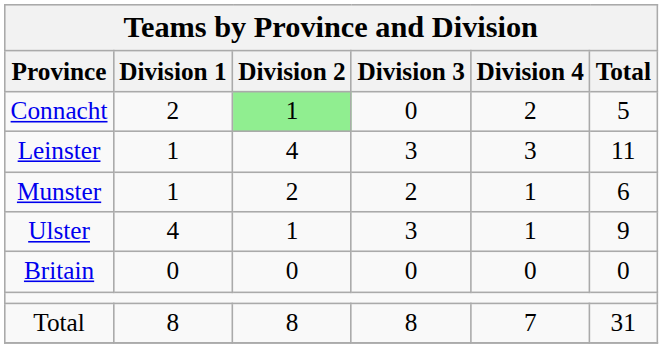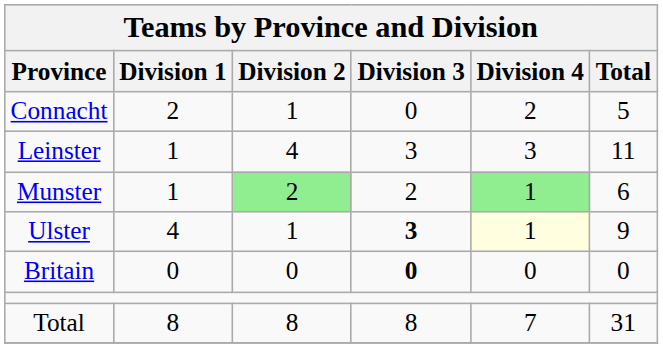 <table class="wikitable" style="text-align:center">
 <tr>
 <th colspan=6><big>Teams by Province and Division</big></th>
 </tr>
 <tr>
 <th>Province</th>
 <th>Division 1</th>
 <th>Division 2</th>
 <th>Division 3</th>
 <th>Division 4</th>
 <th>Total</th>
 </tr>
 <tr>
 <td><a href='#'>Connacht</a></td>
 <td>2</td>
-<td style="background: lightgreen;">1</td>
+<td>1</td>
 <td>0</td>
 <td>2</td>
 <td>5</td>
 </tr>
 <tr>
 <td><a href='#'>Leinster</a></td>
 <td>1</td>
 <td>4</td>
 <td>3</td>
 <td>3</td>
 <td>11</td>
 </tr>
 <tr>
 <td><a href='#'>Munster</a></td>
 <td>1</td>
+<td style="background: lightgreen;">2</td>
 <td>2</td>
-<td>2</td>
-<td>1</td>
+<td style="background: lightgreen;">1</td>
 <td>6</td>
 </tr>
 <tr>
 <td><a href='#'>Ulster</a></td>
 <td>4</td>
 <td>1</td>
-<td>3</td>
-<td>1</td>
+<td><strong>3</strong></td>
+<td style="background: lightyellow;">1</td>
 <td>9</td>
 </tr>
 <tr>
 <td><a href='#'>Britain</a></td>
 <td>0</td>
 <td>0</td>
-<td>0</td>
+<td><strong>0</strong></td>
 <td>0</td>
 <td>0</td>
 </tr>
 <tr>
 <td colspan=6></td>
 </tr>
 <tr>
 <td>Total</td>
 <td>8</td>
 <td>8</td>
 <td>8</td>
 <td>7</td>
 <td>31</td>
 </tr>
 <tr>
 </tr>
 </table>
